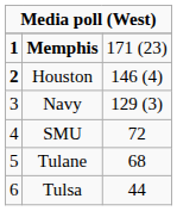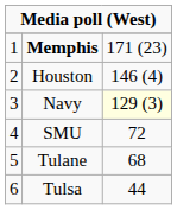 <table class="wikitable">
 <tr align="center">
 <td align="center" Colspan="3"><strong>Media poll (West)</strong></td>
 </tr>
 <tr align="center">
 </tr>
 <tr align="center">
-<td><strong>1</strong></td>
+<td>1</td>
 <td><strong>Memphis</strong></td>
 <td>171 (23)</td>
 </tr>
 <tr align="center">
-<td><strong>2</strong></td>
+<td>2</td>
 <td>Houston</td>
 <td>146 (4)</td>
 </tr>
 <tr align="center">
 <td>3</td>
 <td>Navy</td>
-<td>129 (3)</td>
+<td style="background: lightyellow;">129 (3)</td>
 </tr>
 <tr align="center">
 <td>4</td>
 <td>SMU</td>
 <td>72</td>
 </tr>
 <tr align="center">
 <td>5</td>
 <td>Tulane</td>
 <td>68</td>
 </tr>
 <tr align="center">
 <td>6</td>
 <td>Tulsa</td>
 <td>44</td>
 </tr>
 </table>
